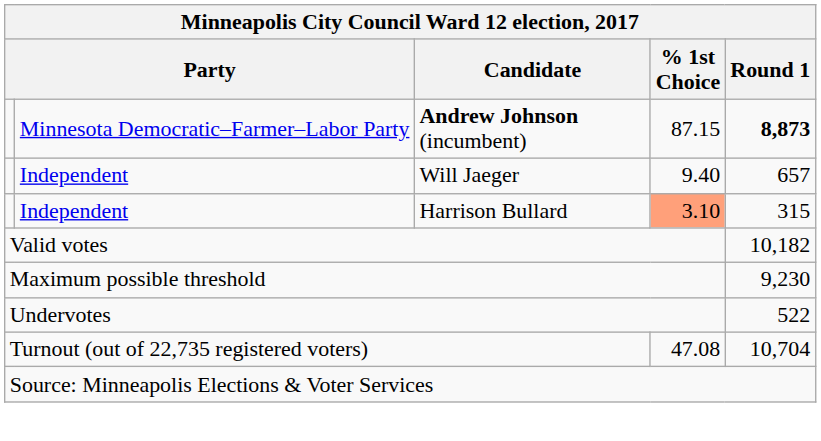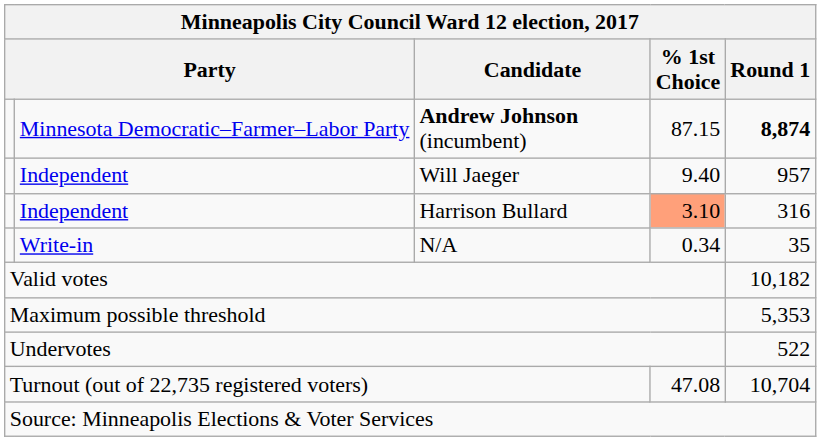 <table class="wikitable">
 <tr>
 <th colspan="5">Minneapolis City Council Ward 12 election, 2017</th>
 </tr>
 <tr>
 <th colspan="2" style="width:290px">Party</th>
 <th style="width:165px">Candidate</th>
 <th>% 1st<br>Choice</th>
 <th>Round 1</th>
 </tr>
 <tr>
 <td style="background-color:"></td>
 <td><a href='#'>Minnesota Democratic–Farmer–Labor Party</a></td>
 <td><strong>Andrew Johnson</strong> (incumbent)</td>
 <td align="right">87.15</td>
-<td align="right"><strong>8,873</strong></td>
+<td align="right"><strong>8,874</strong></td>
 </tr>
 <tr>
 <td style="background-color:"></td>
 <td><a href='#'>Independent</a></td>
 <td>Will Jaeger</td>
 <td align="right">9.40</td>
-<td align="right">657</td>
+<td align="right">957</td>
 </tr>
 <tr>
 <td style="background-color:"></td>
 <td><a href='#'>Independent</a></td>
 <td>Harrison Bullard</td>
 <td align="right" style="background: lightsalmon;">3.10</td>
-<td align="right">315</td>
+<td align="right">316</td>
+</tr>
+<tr>
+<td style="background-color:"></td>
+<td><a href='#'>Write-in</a></td>
+<td>N/A</td>
+<td align="right">0.34</td>
+<td align="right">35</td>
 </tr>
 <tr>
 <td colspan="4">Valid votes</td>
 <td align="right">10,182</td>
 </tr>
 <tr>
 <td colspan="4">Maximum possible threshold</td>
-<td align="right">9,230</td>
+<td align="right">5,353</td>
 </tr>
 <tr>
 <td colspan="4">Undervotes</td>
 <td align="right">522</td>
 </tr>
 <tr>
 <td colspan="3">Turnout (out of 22,735 registered voters)</td>
 <td align="right">47.08</td>
 <td align="right">10,704</td>
 </tr>
 <tr>
 <td colspan="5">Source: Minneapolis Elections & Voter Services</td>
 </tr>
 </table>
